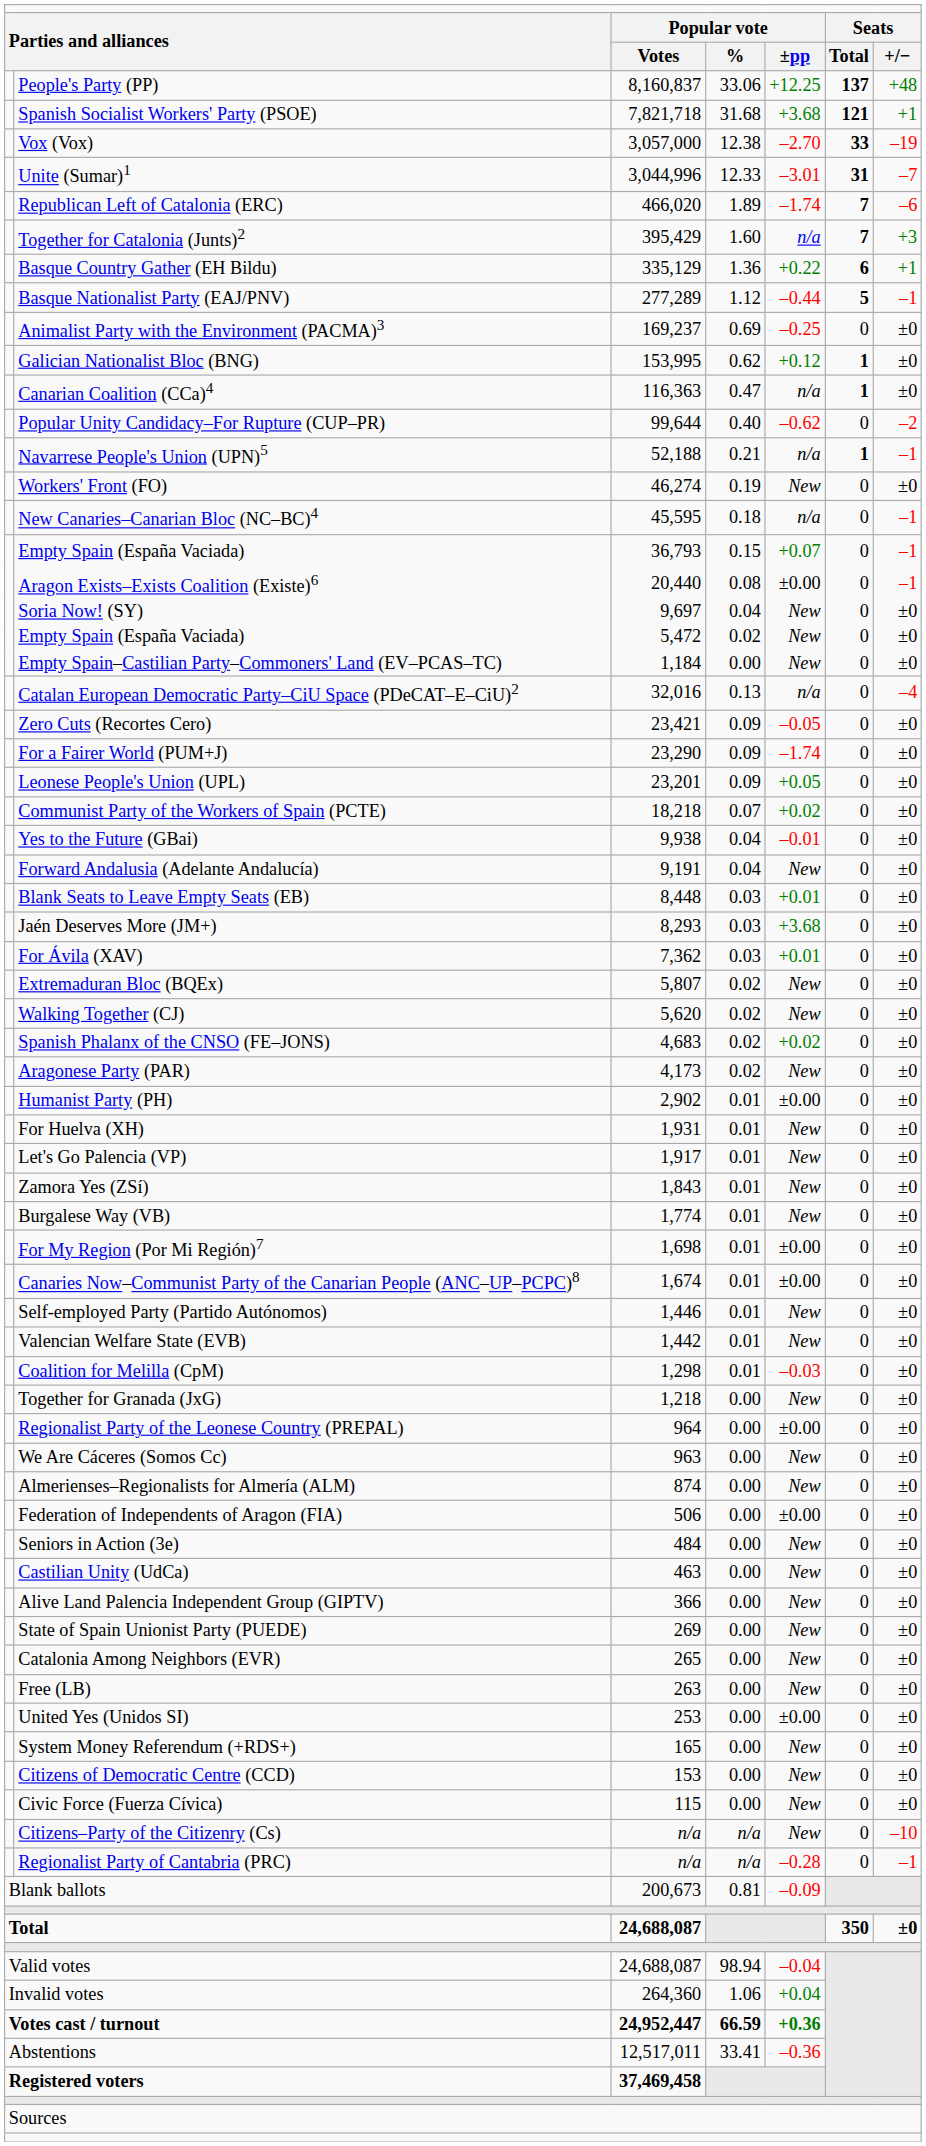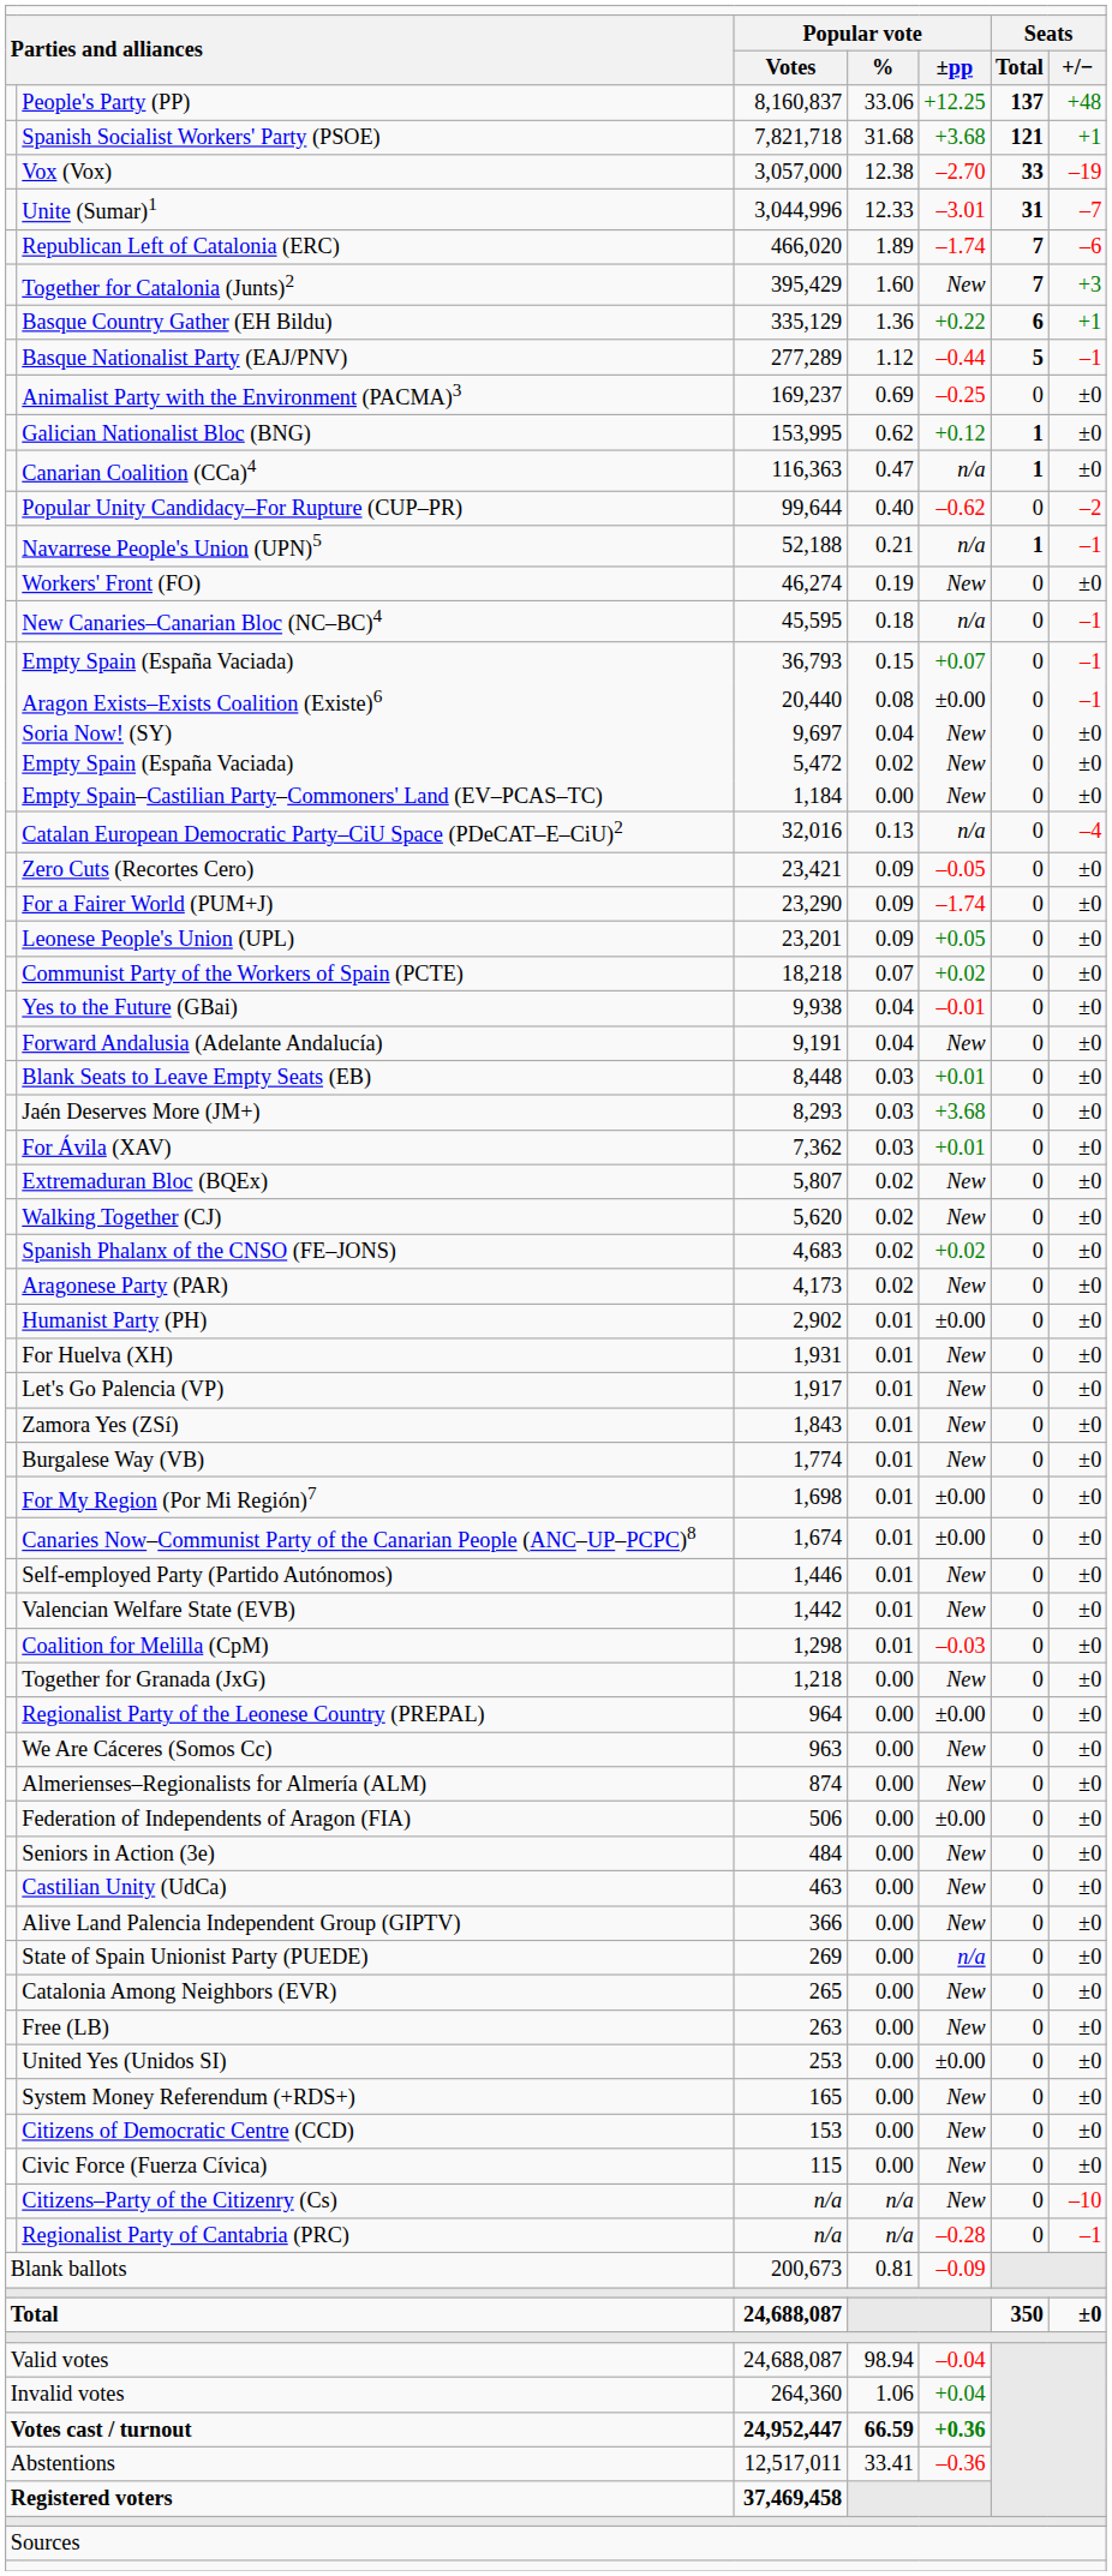 <table class="wikitable" style="text-align:right;">
 <tr>
 <td colspan="7"></td>
 </tr>
 <tr>
 <th style="text-align:left;" rowspan="2" colspan="2" width="525">Parties and alliances</th>
 <th colspan="3">Popular vote</th>
 <th colspan="2">Seats</th>
 </tr>
 <tr>
 <th width="75">Votes</th>
 <th width="45">%</th>
 <th width="45">±<a href='#'>pp</a></th>
 <th width="35">Total</th>
 <th width="35">+/−</th>
 </tr>
 <tr>
 <td width="1" style="color:inherit;background:"></td>
 <td align="left"><a href='#'>People's Party</a> (PP)</td>
 <td>8,160,837</td>
 <td>33.06</td>
 <td style="color:green;">+12.25</td>
 <td><strong>137</strong></td>
 <td style="color:green;">+48</td>
 </tr>
 <tr>
 <td style="color:inherit;background:"></td>
 <td align="left"><a href='#'>Spanish Socialist Workers' Party</a> (PSOE)</td>
 <td>7,821,718</td>
 <td>31.68</td>
 <td style="color:green;">+3.68</td>
 <td><strong>121</strong></td>
 <td style="color:green;">+1</td>
 </tr>
 <tr>
 <td style="color:inherit;background:"></td>
 <td align="left"><a href='#'>Vox</a> (Vox)</td>
 <td>3,057,000</td>
 <td>12.38</td>
 <td style="color:red;">–2.70</td>
 <td><strong>33</strong></td>
 <td style="color:red;">–19</td>
 </tr>
 <tr>
 <td style="color:inherit;background:"></td>
 <td align="left"><a href='#'>Unite</a> (Sumar)<sup>1</sup></td>
 <td>3,044,996</td>
 <td>12.33</td>
 <td style="color:red;">–3.01</td>
 <td><strong>31</strong></td>
 <td style="color:red;">–7</td>
 </tr>
 <tr>
 <td style="color:inherit;background:"></td>
 <td align="left"><a href='#'>Republican Left of Catalonia</a> (ERC)</td>
 <td>466,020</td>
 <td>1.89</td>
 <td style="color:red;">–1.74</td>
 <td><strong>7</strong></td>
 <td style="color:red;">–6</td>
 </tr>
 <tr>
 <td style="color:inherit;background:"></td>
 <td align="left"><a href='#'>Together for Catalonia</a> (Junts)<sup>2</sup></td>
 <td>395,429</td>
 <td>1.60</td>
-<td><em><a href='#'>n/a</a></em></td>
+<td><em>New</em></td>
 <td><strong>7</strong></td>
 <td style="color:green;">+3</td>
 </tr>
 <tr>
 <td style="color:inherit;background:"></td>
 <td align="left"><a href='#'>Basque Country Gather</a> (EH Bildu)</td>
 <td>335,129</td>
 <td>1.36</td>
 <td style="color:green;">+0.22</td>
 <td><strong>6</strong></td>
 <td style="color:green;">+1</td>
 </tr>
 <tr>
 <td style="color:inherit;background:"></td>
 <td align="left"><a href='#'>Basque Nationalist Party</a> (EAJ/PNV)</td>
 <td>277,289</td>
 <td>1.12</td>
 <td style="color:red;">–0.44</td>
 <td><strong>5</strong></td>
 <td style="color:red;">–1</td>
 </tr>
 <tr>
 <td style="color:inherit;background:"></td>
 <td align="left"><a href='#'>Animalist Party with the Environment</a> (PACMA)<sup>3</sup></td>
 <td>169,237</td>
 <td>0.69</td>
 <td style="color:red;">–0.25</td>
 <td>0</td>
 <td>±0</td>
 </tr>
 <tr>
 <td style="color:inherit;background:"></td>
 <td align="left"><a href='#'>Galician Nationalist Bloc</a> (BNG)</td>
 <td>153,995</td>
 <td>0.62</td>
 <td style="color:green;">+0.12</td>
 <td><strong>1</strong></td>
 <td>±0</td>
 </tr>
 <tr>
 <td style="color:inherit;background:"></td>
 <td align="left"><a href='#'>Canarian Coalition</a> (CCa)<sup>4</sup></td>
 <td>116,363</td>
 <td>0.47</td>
 <td><em>n/a</em></td>
 <td><strong>1</strong></td>
 <td>±0</td>
 </tr>
 <tr>
 <td style="color:inherit;background:"></td>
 <td align="left"><a href='#'>Popular Unity Candidacy–For Rupture</a> (CUP–PR)</td>
 <td>99,644</td>
 <td>0.40</td>
 <td style="color:red;">–0.62</td>
 <td>0</td>
 <td style="color:red;">–2</td>
 </tr>
 <tr>
 <td style="color:inherit;background:"></td>
 <td align="left"><a href='#'>Navarrese People's Union</a> (UPN)<sup>5</sup></td>
 <td>52,188</td>
 <td>0.21</td>
 <td><em>n/a</em></td>
 <td><strong>1</strong></td>
 <td style="color:red;">–1</td>
 </tr>
 <tr>
 <td style="color:inherit;background:"></td>
 <td align="left"><a href='#'>Workers' Front</a> (FO)</td>
 <td>46,274</td>
 <td>0.19</td>
 <td><em>New</em></td>
 <td>0</td>
 <td>±0</td>
 </tr>
 <tr>
 <td style="color:inherit;background:"></td>
 <td align="left"><a href='#'>New Canaries–Canarian Bloc</a> (NC–BC)<sup>4</sup></td>
 <td>45,595</td>
 <td>0.18</td>
 <td><em>n/a</em></td>
 <td>0</td>
 <td style="color:red;">–1</td>
 </tr>
 <tr style="line-height:22px;">
 <td rowspan="5" style="color:inherit;background:"></td>
 <td align="left"><a href='#'>Empty Spain</a> (España Vaciada)</td>
 <td>36,793</td>
 <td>0.15</td>
 <td style="color:green;">+0.07</td>
 <td>0</td>
 <td style="color:red;">–1</td>
 </tr>
 <tr style="border-bottom-style:hidden; border-top-style:hidden; line-height:16px;">
 <td align="left"><span><a href='#'>Aragon Exists–Exists Coalition</a> (Existe)<sup>6</sup></span></td>
 <td>20,440</td>
 <td>0.08</td>
 <td>±0.00</td>
 <td>0</td>
 <td style="color:red;">–1</td>
 </tr>
 <tr style="border-bottom-style:hidden; line-height:16px;">
 <td align="left"><span><a href='#'>Soria Now!</a> (SY)</span></td>
 <td>9,697</td>
 <td>0.04</td>
 <td><em>New</em></td>
 <td>0</td>
 <td>±0</td>
 </tr>
 <tr style="border-bottom-style:hidden; line-height:16px;">
 <td align="left"><span><a href='#'>Empty Spain</a> (España Vaciada)</span></td>
 <td>5,472</td>
 <td>0.02</td>
 <td><em>New</em></td>
 <td>0</td>
 <td>±0</td>
 </tr>
 <tr style="line-height:16px;">
 <td align="left"><span><a href='#'>Empty Spain</a>–<a href='#'>Castilian Party</a>–<a href='#'>Commoners' Land</a> (EV–PCAS–TC)</span></td>
 <td>1,184</td>
 <td>0.00</td>
 <td><em>New</em></td>
 <td>0</td>
 <td>±0</td>
 </tr>
 <tr>
 <td style="color:inherit;background:"></td>
 <td align="left"><a href='#'>Catalan European Democratic Party–CiU Space</a> (PDeCAT–E–CiU)<sup>2</sup></td>
 <td>32,016</td>
 <td>0.13</td>
 <td><em>n/a</em></td>
 <td>0</td>
 <td style="color:red;">–4</td>
 </tr>
 <tr>
 <td style="color:inherit;background:"></td>
 <td align="left"><a href='#'>Zero Cuts</a> (Recortes Cero)</td>
 <td>23,421</td>
 <td>0.09</td>
 <td style="color:red;">–0.05</td>
 <td>0</td>
 <td>±0</td>
 </tr>
 <tr>
 <td style="color:inherit;background:"></td>
 <td align="left"><a href='#'>For a Fairer World</a> (PUM+J)</td>
 <td>23,290</td>
 <td>0.09</td>
 <td style="color:red;">–1.74</td>
 <td>0</td>
 <td>±0</td>
 </tr>
 <tr>
 <td style="color:inherit;background:"></td>
 <td align="left"><a href='#'>Leonese People's Union</a> (UPL)</td>
 <td>23,201</td>
 <td>0.09</td>
 <td style="color:green;">+0.05</td>
 <td>0</td>
 <td>±0</td>
 </tr>
 <tr>
 <td style="color:inherit;background:"></td>
 <td align="left"><a href='#'>Communist Party of the Workers of Spain</a> (PCTE)</td>
 <td>18,218</td>
 <td>0.07</td>
 <td style="color:green;">+0.02</td>
 <td>0</td>
 <td>±0</td>
 </tr>
 <tr>
 <td style="color:inherit;background:"></td>
 <td align="left"><a href='#'>Yes to the Future</a> (GBai)</td>
 <td>9,938</td>
 <td>0.04</td>
 <td style="color:red;">–0.01</td>
 <td>0</td>
 <td>±0</td>
 </tr>
 <tr>
 <td style="color:inherit;background:"></td>
 <td align="left"><a href='#'>Forward Andalusia</a> (Adelante Andalucía)</td>
 <td>9,191</td>
 <td>0.04</td>
 <td><em>New</em></td>
 <td>0</td>
 <td>±0</td>
 </tr>
 <tr>
 <td style="color:inherit;background:"></td>
 <td align="left"><a href='#'>Blank Seats to Leave Empty Seats</a> (EB)</td>
 <td>8,448</td>
 <td>0.03</td>
 <td style="color:green;">+0.01</td>
 <td>0</td>
 <td>±0</td>
 </tr>
 <tr>
 <td style="color:inherit;background:"></td>
 <td align="left">Jaén Deserves More (JM+)</td>
 <td>8,293</td>
 <td>0.03</td>
 <td style="color:green;">+3.68</td>
 <td>0</td>
 <td>±0</td>
 </tr>
 <tr>
 <td style="color:inherit;background:"></td>
 <td align="left"><a href='#'>For Ávila</a> (XAV)</td>
 <td>7,362</td>
 <td>0.03</td>
 <td style="color:green;">+0.01</td>
 <td>0</td>
 <td>±0</td>
 </tr>
 <tr>
 <td style="color:inherit;background:"></td>
 <td align="left"><a href='#'>Extremaduran Bloc</a> (BQEx)</td>
 <td>5,807</td>
 <td>0.02</td>
 <td><em>New</em></td>
 <td>0</td>
 <td>±0</td>
 </tr>
 <tr>
 <td style="color:inherit;background:"></td>
 <td align="left"><a href='#'>Walking Together</a> (CJ)</td>
 <td>5,620</td>
 <td>0.02</td>
 <td><em>New</em></td>
 <td>0</td>
 <td>±0</td>
 </tr>
 <tr>
 <td style="color:inherit;background:"></td>
 <td align="left"><a href='#'>Spanish Phalanx of the CNSO</a> (FE–JONS)</td>
 <td>4,683</td>
 <td>0.02</td>
 <td style="color:green;">+0.02</td>
 <td>0</td>
 <td>±0</td>
 </tr>
 <tr>
 <td style="color:inherit;background:"></td>
 <td align="left"><a href='#'>Aragonese Party</a> (PAR)</td>
 <td>4,173</td>
 <td>0.02</td>
 <td><em>New</em></td>
 <td>0</td>
 <td>±0</td>
 </tr>
 <tr>
 <td style="color:inherit;background:"></td>
 <td align="left"><a href='#'>Humanist Party</a> (PH)</td>
 <td>2,902</td>
 <td>0.01</td>
 <td>±0.00</td>
 <td>0</td>
 <td>±0</td>
 </tr>
 <tr>
 <td style="color:inherit;background:"></td>
 <td align="left">For Huelva (XH)</td>
 <td>1,931</td>
 <td>0.01</td>
 <td><em>New</em></td>
 <td>0</td>
 <td>±0</td>
 </tr>
 <tr>
 <td style="color:inherit;background:"></td>
 <td align="left">Let's Go Palencia (VP)</td>
 <td>1,917</td>
 <td>0.01</td>
 <td><em>New</em></td>
 <td>0</td>
 <td>±0</td>
 </tr>
 <tr>
 <td style="color:inherit;background:"></td>
 <td align="left">Zamora Yes (ZSí)</td>
 <td>1,843</td>
 <td>0.01</td>
 <td><em>New</em></td>
 <td>0</td>
 <td>±0</td>
 </tr>
 <tr>
 <td style="color:inherit;background:"></td>
 <td align="left">Burgalese Way (VB)</td>
 <td>1,774</td>
 <td>0.01</td>
 <td><em>New</em></td>
 <td>0</td>
 <td>±0</td>
 </tr>
 <tr>
 <td style="color:inherit;background:"></td>
 <td align="left"><a href='#'>For My Region</a> (Por Mi Región)<sup>7</sup></td>
 <td>1,698</td>
 <td>0.01</td>
 <td>±0.00</td>
 <td>0</td>
 <td>±0</td>
 </tr>
 <tr>
 <td style="color:inherit;background:"></td>
 <td align="left"><a href='#'>Canaries Now</a>–<a href='#'>Communist Party of the Canarian People</a> (<a href='#'>ANC</a>–<a href='#'>UP</a>–<a href='#'>PCPC</a>)<sup>8</sup></td>
 <td>1,674</td>
 <td>0.01</td>
 <td>±0.00</td>
 <td>0</td>
 <td>±0</td>
 </tr>
 <tr>
 <td style="color:inherit;background:"></td>
 <td align="left">Self-employed Party (Partido Autónomos)</td>
 <td>1,446</td>
 <td>0.01</td>
 <td><em>New</em></td>
 <td>0</td>
 <td>±0</td>
 </tr>
 <tr>
 <td style="color:inherit;background:"></td>
 <td align="left">Valencian Welfare State (EVB)</td>
 <td>1,442</td>
 <td>0.01</td>
 <td><em>New</em></td>
 <td>0</td>
 <td>±0</td>
 </tr>
 <tr>
 <td style="color:inherit;background:"></td>
 <td align="left"><a href='#'>Coalition for Melilla</a> (CpM)</td>
 <td>1,298</td>
 <td>0.01</td>
 <td style="color:red;">–0.03</td>
 <td>0</td>
 <td>±0</td>
 </tr>
 <tr>
 <td style="color:inherit;background:"></td>
 <td align="left">Together for Granada (JxG)</td>
 <td>1,218</td>
 <td>0.00</td>
 <td><em>New</em></td>
 <td>0</td>
 <td>±0</td>
 </tr>
 <tr>
 <td style="color:inherit;background:"></td>
 <td align="left"><a href='#'>Regionalist Party of the Leonese Country</a> (PREPAL)</td>
 <td>964</td>
 <td>0.00</td>
 <td>±0.00</td>
 <td>0</td>
 <td>±0</td>
 </tr>
 <tr>
 <td style="color:inherit;background:"></td>
 <td align="left">We Are Cáceres (Somos Cc)</td>
 <td>963</td>
 <td>0.00</td>
 <td><em>New</em></td>
 <td>0</td>
 <td>±0</td>
 </tr>
 <tr>
 <td style="color:inherit;background:"></td>
 <td align="left">Almerienses–Regionalists for Almería (ALM)</td>
 <td>874</td>
 <td>0.00</td>
 <td><em>New</em></td>
 <td>0</td>
 <td>±0</td>
 </tr>
 <tr>
 <td style="color:inherit;background:"></td>
 <td align="left">Federation of Independents of Aragon (FIA)</td>
 <td>506</td>
 <td>0.00</td>
 <td>±0.00</td>
 <td>0</td>
 <td>±0</td>
 </tr>
 <tr>
 <td style="color:inherit;background:"></td>
 <td align="left">Seniors in Action (3e)</td>
 <td>484</td>
 <td>0.00</td>
 <td><em>New</em></td>
 <td>0</td>
 <td>±0</td>
 </tr>
 <tr>
 <td style="color:inherit;background:"></td>
 <td align="left"><a href='#'>Castilian Unity</a> (UdCa)</td>
 <td>463</td>
 <td>0.00</td>
 <td><em>New</em></td>
 <td>0</td>
 <td>±0</td>
 </tr>
 <tr>
 <td style="color:inherit;background:"></td>
 <td align="left">Alive Land Palencia Independent Group (GIPTV)</td>
 <td>366</td>
 <td>0.00</td>
 <td><em>New</em></td>
 <td>0</td>
 <td>±0</td>
 </tr>
 <tr>
 <td style="color:inherit;background:"></td>
 <td align="left">State of Spain Unionist Party (PUEDE)</td>
 <td>269</td>
 <td>0.00</td>
-<td><em>New</em></td>
+<td><em><a href='#'>n/a</a></em></td>
 <td>0</td>
 <td>±0</td>
 </tr>
 <tr>
 <td style="color:inherit;background:"></td>
 <td align="left">Catalonia Among Neighbors (EVR)</td>
 <td>265</td>
 <td>0.00</td>
 <td><em>New</em></td>
 <td>0</td>
 <td>±0</td>
 </tr>
 <tr>
 <td style="color:inherit;background:"></td>
 <td align="left">Free (LB)</td>
 <td>263</td>
 <td>0.00</td>
 <td><em>New</em></td>
 <td>0</td>
 <td>±0</td>
 </tr>
 <tr>
 <td style="color:inherit;background:"></td>
 <td align="left">United Yes (Unidos SI)</td>
 <td>253</td>
 <td>0.00</td>
 <td>±0.00</td>
 <td>0</td>
 <td>±0</td>
 </tr>
 <tr>
 <td style="color:inherit;background:"></td>
 <td align="left">System Money Referendum (+RDS+)</td>
 <td>165</td>
 <td>0.00</td>
 <td><em>New</em></td>
 <td>0</td>
 <td>±0</td>
 </tr>
 <tr>
 <td style="color:inherit;background:"></td>
 <td align="left"><a href='#'>Citizens of Democratic Centre</a> (CCD)</td>
 <td>153</td>
 <td>0.00</td>
 <td><em>New</em></td>
 <td>0</td>
 <td>±0</td>
 </tr>
 <tr>
 <td bgcolor="white"></td>
 <td align="left">Civic Force (Fuerza Cívica)</td>
 <td>115</td>
 <td>0.00</td>
 <td><em>New</em></td>
 <td>0</td>
 <td>±0</td>
 </tr>
 <tr>
 <td style="color:inherit;background:"></td>
 <td align="left"><a href='#'>Citizens–Party of the Citizenry</a> (Cs)</td>
 <td><em>n/a</em></td>
 <td><em>n/a</em></td>
 <td><em>New</em></td>
 <td>0</td>
 <td style="color:red;">–10</td>
 </tr>
 <tr>
 <td style="color:inherit;background:"></td>
 <td align="left"><a href='#'>Regionalist Party of Cantabria</a> (PRC)</td>
 <td><em>n/a</em></td>
 <td><em>n/a</em></td>
 <td style="color:red;">–0.28</td>
 <td>0</td>
 <td style="color:red;">–1</td>
 </tr>
 <tr>
 <td align="left" colspan="2">Blank ballots</td>
 <td>200,673</td>
 <td>0.81</td>
 <td style="color:red;">–0.09</td>
 <td bgcolor="#E9E9E9" colspan="2"></td>
 </tr>
 <tr>
 <td colspan="7" bgcolor="#E9E9E9"></td>
 </tr>
 <tr style="font-weight:bold;">
 <td align="left" colspan="2">Total</td>
 <td>24,688,087</td>
 <td bgcolor="#E9E9E9" colspan="2"></td>
 <td>350</td>
 <td>±0</td>
 </tr>
 <tr>
 <td colspan="7" bgcolor="#E9E9E9"></td>
 </tr>
 <tr>
 <td align="left" colspan="2">Valid votes</td>
 <td>24,688,087</td>
 <td>98.94</td>
 <td style="color:red;">–0.04</td>
 <td bgcolor="#E9E9E9" colspan="2" rowspan="5"></td>
 </tr>
 <tr>
 <td align="left" colspan="2">Invalid votes</td>
 <td>264,360</td>
 <td>1.06</td>
 <td style="color:green;">+0.04</td>
 </tr>
 <tr style="font-weight:bold;">
 <td align="left" colspan="2">Votes cast / turnout</td>
 <td>24,952,447</td>
 <td>66.59</td>
 <td style="color:green;">+0.36</td>
 </tr>
 <tr>
 <td align="left" colspan="2">Abstentions</td>
 <td>12,517,011</td>
 <td>33.41</td>
 <td style="color:red;">–0.36</td>
 </tr>
 <tr style="font-weight:bold;">
 <td align="left" colspan="2">Registered voters</td>
 <td>37,469,458</td>
 <td bgcolor="#E9E9E9" colspan="2"></td>
 </tr>
 <tr>
 <td colspan="7" bgcolor="#E9E9E9"></td>
 </tr>
 <tr>
 <td align="left" colspan="7">Sources</td>
 </tr>
 <tr>
 <td colspan="7" style="text-align:left; max-width:790px;"></td>
 </tr>
 </table>
